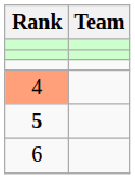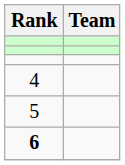 <table class="wikitable" style="text-align: center;">
 <tr>
 <th width=40>Rank</th>
 <th>Team</th>
 </tr>
 <tr bgcolor=#ccffcc>
 <td></td>
 <td align="left"></td>
 </tr>
 <tr bgcolor=#ccffcc>
 <td></td>
 <td align="left"></td>
 </tr>
 <tr>
 <td></td>
 <td align=left></td>
 </tr>
 <tr>
-<td style="background: lightsalmon;">4</td>
+<td>4</td>
 <td align=left></td>
 </tr>
 <tr>
-<td><strong>5</strong></td>
+<td>5</td>
 <td align=left></td>
 </tr>
 <tr>
-<td>6</td>
+<td><strong>6</strong></td>
 <td align=left></td>
 </tr>
 <tr>
 </tr>
 </table>
